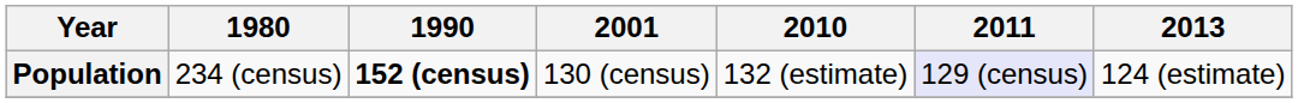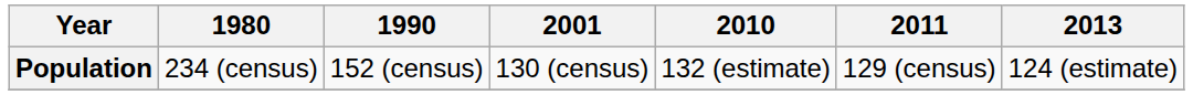 <table class="wikitable" style="margin-left:auto; margin-right:auto; text-align:center;">
 <tr>
 <th>Year</th>
 <th>1980</th>
 <th>1990</th>
 <th>2001</th>
 <th>2010</th>
 <th>2011</th>
 <th>2013</th>
 </tr>
 <tr>
 <th>Population</th>
 <td>234 (census)</td>
-<td><strong>152 (census)</strong></td>
+<td>152 (census)</td>
 <td>130 (census)</td>
 <td>132 (estimate)</td>
-<td style="background: lavender;">129 (census)</td>
+<td>129 (census)</td>
 <td>124 (estimate)</td>
 </tr>
 <tr>
 </tr>
 </table>
